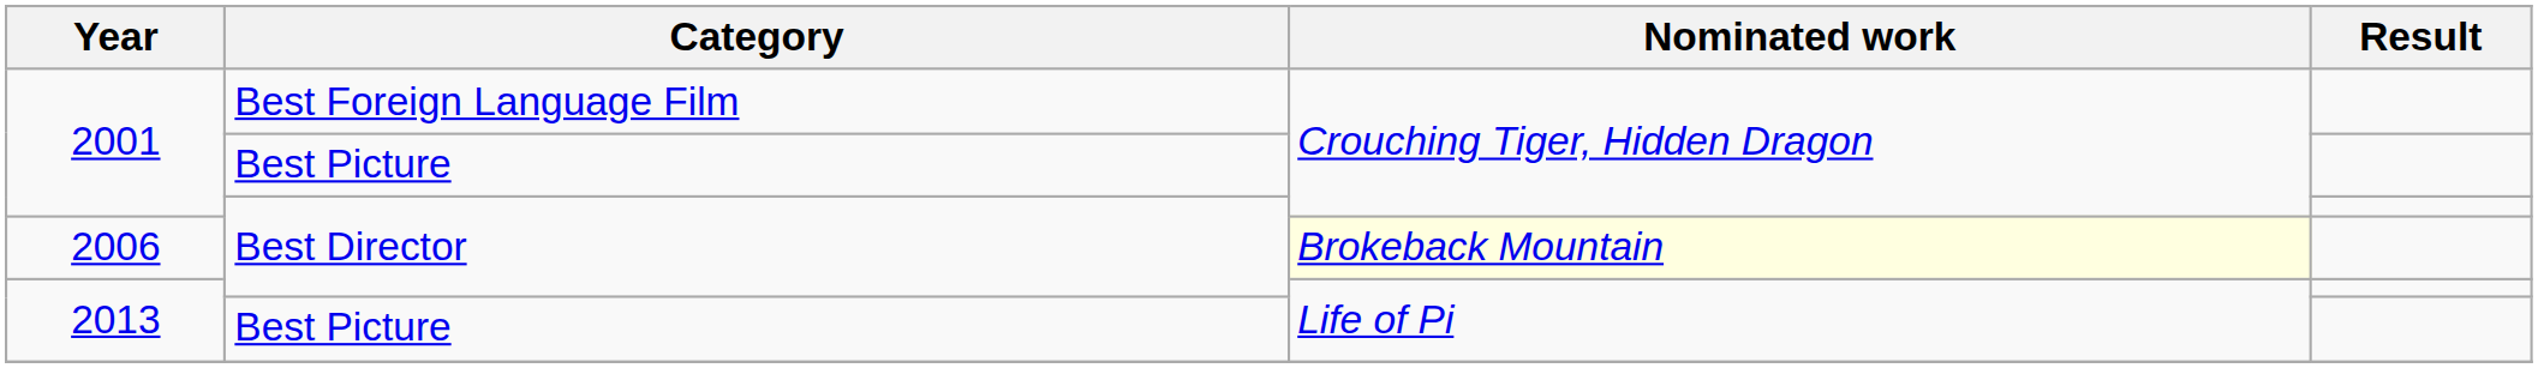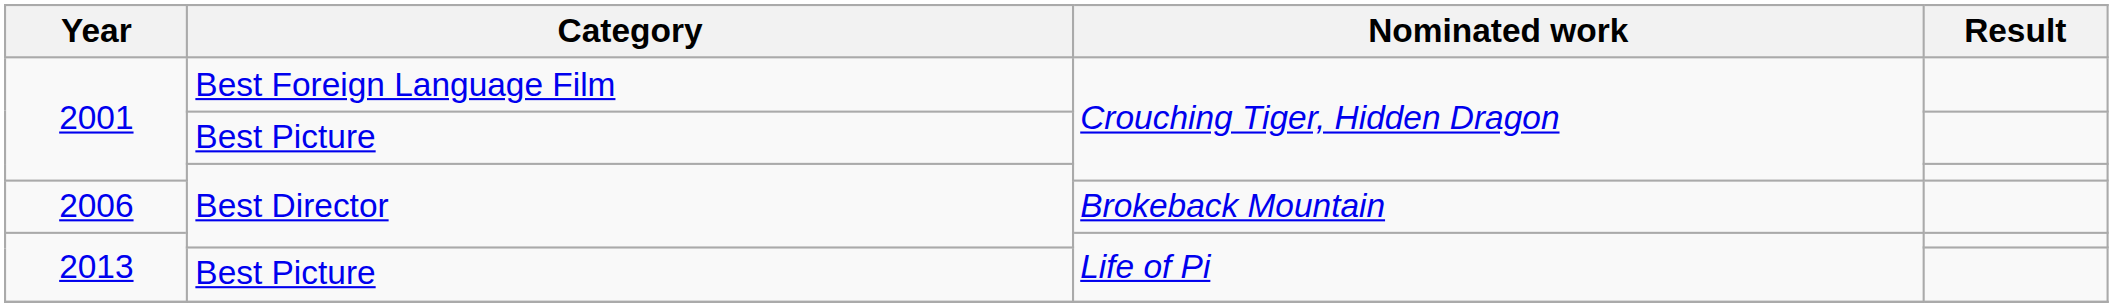 <table class=wikitable>
 <tr>
 <th scope="col" style="width:5em;">Year</th>
 <th scope="col" style="width:26em;">Category</th>
 <th scope="col" style="width:25em;">Nominated work</th>
 <th scope="col" style="width:5em;">Result</th>
 </tr>
 <tr>
 <td rowspan="3" style="text-align:center;"><a href='#'>2001</a></td>
 <td><a href='#'>Best Foreign Language Film</a></td>
 <td rowspan="3"><em><a href='#'>Crouching Tiger, Hidden Dragon</a></em></td>
 <td></td>
 </tr>
 <tr>
 <td><a href='#'>Best Picture</a></td>
 <td></td>
 </tr>
 <tr>
 <td rowspan=3><a href='#'>Best Director</a></td>
 <td></td>
 </tr>
 <tr>
 <td style="text-align:center;"><a href='#'>2006</a></td>
-<td style="background: lightyellow;"><em><a href='#'>Brokeback Mountain</a></em></td>
+<td><em><a href='#'>Brokeback Mountain</a></em></td>
 <td></td>
 </tr>
 <tr>
 <td style="text-align:center;", rowspan=2><a href='#'>2013</a></td>
 <td rowspan=2><em><a href='#'>Life of Pi</a></em></td>
 <td></td>
 </tr>
 <tr>
 <td><a href='#'>Best Picture</a></td>
 <td></td>
 </tr>
 <tr>
 </tr>
 </table>
